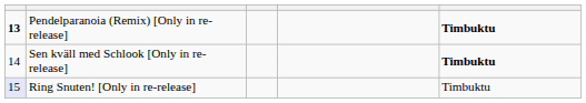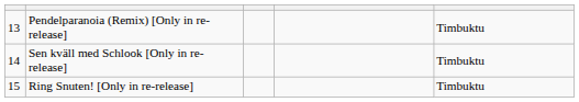 <table class="wikitable">
 <tr>
 <th align="center" width="20"></th>
 <th align="center" width="275"></th>
 <th align="center" width="33"></th>
 <th align="center" width="200"></th>
 <th align="center" width="175"></th>
 </tr>
 <tr>
-<td><strong>13</strong></td>
+<td>13</td>
 <td>Pendelparanoia (Remix) [Only in re-release]</td>
 <td></td>
 <td></td>
-<td><strong>Timbuktu</strong></td>
+<td>Timbuktu</td>
 </tr>
 <tr>
 <td>14</td>
 <td>Sen kväll med Schlook [Only in re-release]</td>
 <td></td>
 <td></td>
-<td><strong>Timbuktu</strong></td>
+<td>Timbuktu</td>
 </tr>
 <tr>
-<td style="background: lavender;">15</td>
+<td>15</td>
 <td>Ring Snuten! [Only in re-release]</td>
 <td></td>
 <td></td>
 <td>Timbuktu</td>
 </tr>
 </table>
